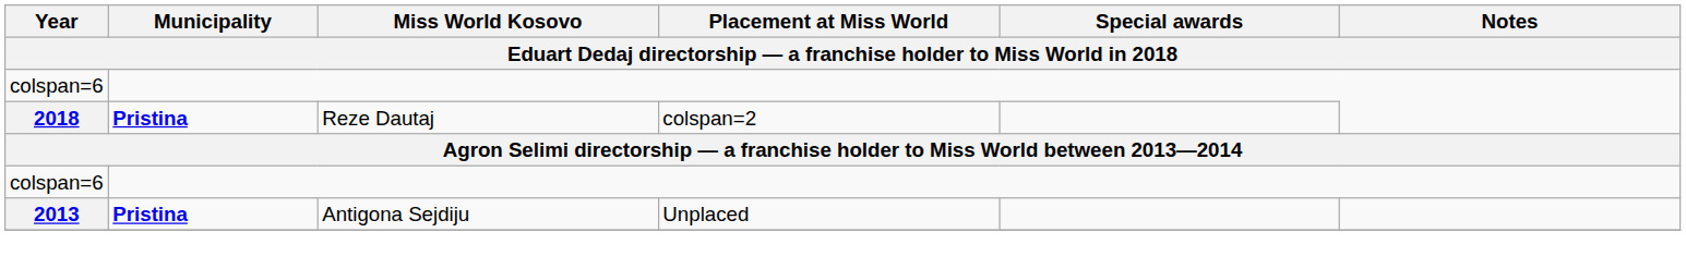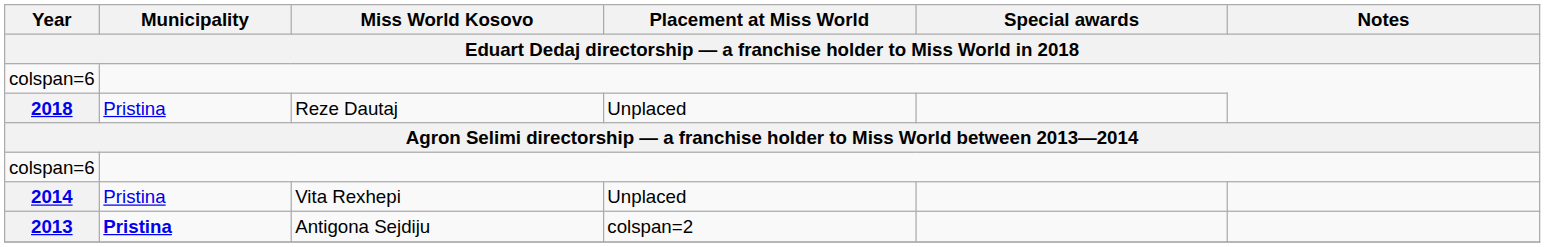 <table class="wikitable " style="font-size: 95%;">
 <tr>
 <th width="60">Year</th>
 <th width="150">Municipality</th>
 <th width="250">Miss World Kosovo</th>
 <th width="250">Placement at Miss World</th>
 <th width="250">Special awards</th>
 <th width="250">Notes</th>
 </tr>
 <tr>
 <th colspan="6">Eduart Dedaj directorship — a franchise holder to Miss World in 2018</th>
 </tr>
 <tr>
 <td>colspan=6 </td>
 </tr>
 <tr>
 <th><a href='#'>2018</a></th>
-<td><strong><a href='#'>Pristina</a></strong></td>
+<td><a href='#'>Pristina</a></td>
 <td>Reze Dautaj</td>
-<td>colspan=2 </td>
+<td>Unplaced</td>
 <td></td>
 </tr>
 <tr>
 <th colspan="6">Agron Selimi directorship — a franchise holder to Miss World between 2013―2014</th>
 </tr>
 <tr>
 <td>colspan=6 </td>
 </tr>
 <tr>
+<th><a href='#'>2014</a></th>
+<td><a href='#'>Pristina</a></td>
+<td>Vita Rexhepi</td>
+<td>Unplaced</td>
+<td></td>
+<td></td>
+</tr>
+<tr>
 <th><a href='#'>2013</a></th>
 <td><strong><a href='#'>Pristina</a></strong></td>
 <td>Antigona Sejdiju</td>
-<td>Unplaced</td>
+<td>colspan=2 </td>
 <td></td>
 <td></td>
 </tr>
 <tr>
 </tr>
 </table>
